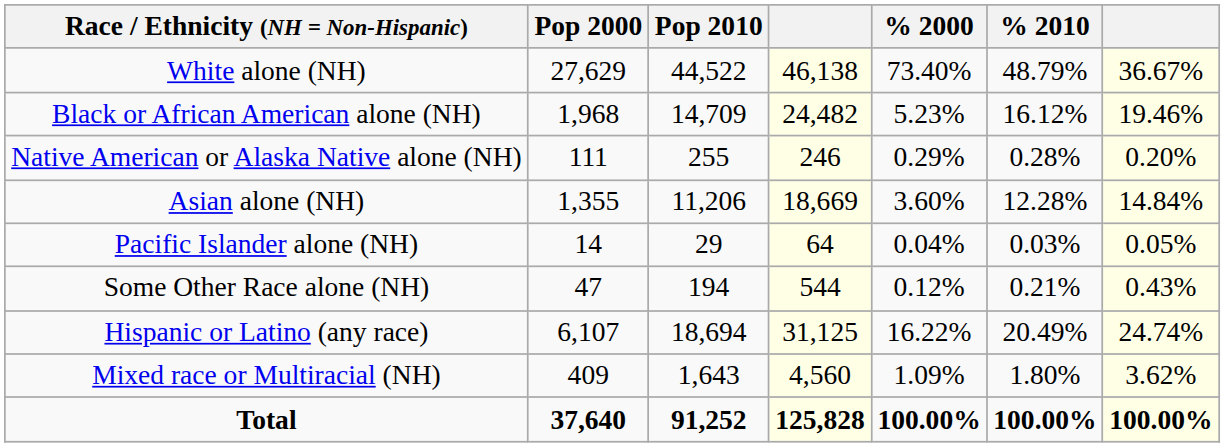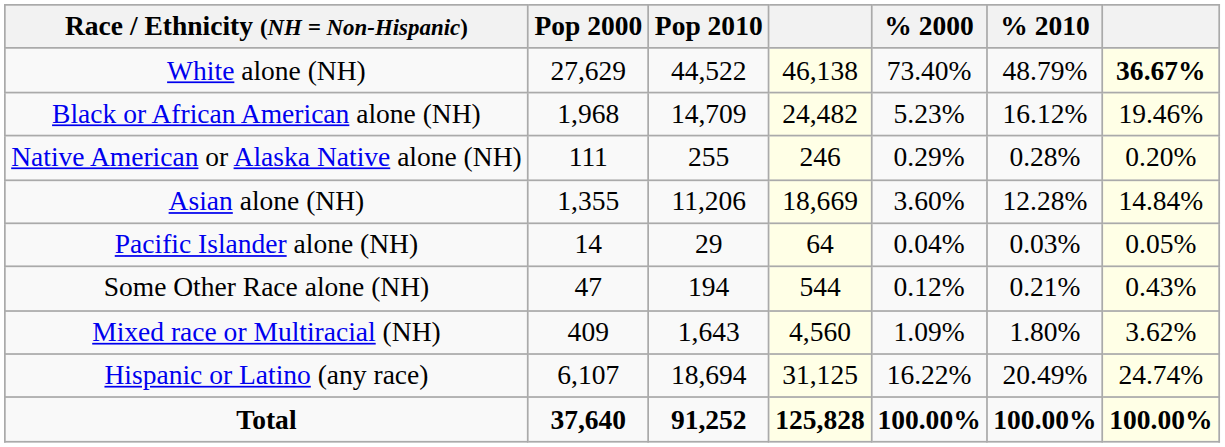 <table class="wikitable" style="text-align:center;">
 <tr>
 <th>Race / Ethnicity <small>(<em>NH = Non-Hispanic</em>)</small></th>
 <th>Pop 2000</th>
 <th>Pop 2010</th>
 <th></th>
 <th>% 2000</th>
 <th>% 2010</th>
 <th></th>
 </tr>
 <tr>
 <td><a href='#'>White</a> alone (NH)</td>
 <td>27,629</td>
 <td>44,522</td>
 <td style='background: #ffffe6;'>46,138</td>
 <td>73.40%</td>
 <td>48.79%</td>
-<td style='background: #ffffe6;'>36.67%</td>
+<td style='background: #ffffe6;'><strong>36.67%</strong></td>
 </tr>
 <tr>
 <td><a href='#'>Black or African American</a> alone (NH)</td>
 <td>1,968</td>
 <td>14,709</td>
 <td style='background: #ffffe6;'>24,482</td>
 <td>5.23%</td>
 <td>16.12%</td>
 <td style='background: #ffffe6;'>19.46%</td>
 </tr>
 <tr>
 <td><a href='#'>Native American</a> or <a href='#'>Alaska Native</a> alone (NH)</td>
 <td>111</td>
 <td>255</td>
 <td style='background: #ffffe6;'>246</td>
 <td>0.29%</td>
 <td>0.28%</td>
 <td style='background: #ffffe6;'>0.20%</td>
 </tr>
 <tr>
 <td><a href='#'>Asian</a> alone (NH)</td>
 <td>1,355</td>
 <td>11,206</td>
 <td style='background: #ffffe6;'>18,669</td>
 <td>3.60%</td>
 <td>12.28%</td>
 <td style='background: #ffffe6;'>14.84%</td>
 </tr>
 <tr>
 <td><a href='#'>Pacific Islander</a> alone (NH)</td>
 <td>14</td>
 <td>29</td>
 <td style='background: #ffffe6;'>64</td>
 <td>0.04%</td>
 <td>0.03%</td>
 <td style='background: #ffffe6;'>0.05%</td>
 </tr>
 <tr>
 <td>Some Other Race alone (NH)</td>
 <td>47</td>
 <td>194</td>
 <td style='background: #ffffe6;'>544</td>
 <td>0.12%</td>
 <td>0.21%</td>
 <td style='background: #ffffe6;'>0.43%</td>
 </tr>
 <tr>
+<td><a href='#'>Mixed race or Multiracial</a> (NH)</td>
+<td>409</td>
+<td>1,643</td>
+<td style='background: #ffffe6;'>4,560</td>
+<td>1.09%</td>
+<td>1.80%</td>
+<td style='background: #ffffe6;'>3.62%</td>
+</tr>
+<tr>
 <td><a href='#'>Hispanic or Latino</a> (any race)</td>
 <td>6,107</td>
 <td>18,694</td>
 <td style='background: #ffffe6;'>31,125</td>
 <td>16.22%</td>
 <td>20.49%</td>
 <td style='background: #ffffe6;'>24.74%</td>
-</tr>
-<tr>
-<td><a href='#'>Mixed race or Multiracial</a> (NH)</td>
-<td>409</td>
-<td>1,643</td>
-<td style='background: #ffffe6;'>4,560</td>
-<td>1.09%</td>
-<td>1.80%</td>
-<td style='background: #ffffe6;'>3.62%</td>
 </tr>
 <tr>
 <td><strong>Total</strong></td>
 <td><strong>37,640</strong></td>
 <td><strong>91,252</strong></td>
 <td style='background: #ffffe6;'><strong>125,828</strong></td>
 <td><strong>100.00%</strong></td>
 <td><strong>100.00%</strong></td>
 <td style='background: #ffffe6;'><strong>100.00%</strong></td>
 </tr>
 </table>
